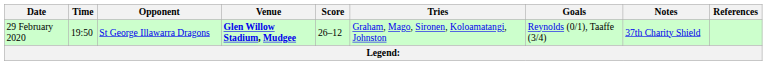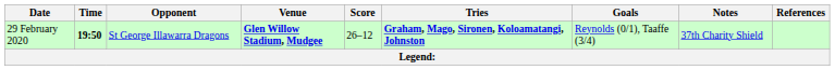 <table class="wikitable" width="100%">
 <tr>
 <th width="100">Date</th>
 <th>Time</th>
 <th>Opponent</th>
 <th width="150">Venue</th>
 <th width="50">Score</th>
 <th width="285">Tries</th>
 <th width="155">Goals</th>
 <th>Notes</th>
 <th>References</th>
 </tr>
 <tr bgcolor="#CCFFCC">
 <td>29 February 2020</td>
-<td>19:50</td>
+<td><strong>19:50</strong></td>
 <td> <a href='#'>St George Illawarra Dragons</a></td>
 <td><strong><a href='#'>Glen Willow Stadium</a>, <a href='#'>Mudgee</a></strong></td>
 <td>26–12</td>
-<td><a href='#'>Graham</a>, <a href='#'>Mago</a>, <a href='#'>Sironen</a>, <a href='#'>Koloamatangi</a>, <a href='#'>Johnston</a></td>
+<td><strong><a href='#'>Graham</a>, <a href='#'>Mago</a>, <a href='#'>Sironen</a>, <a href='#'>Koloamatangi</a>, <a href='#'>Johnston</a></strong></td>
 <td><a href='#'>Reynolds</a> (0/1), Taaffe (3/4)</td>
 <td><a href='#'>37th Charity Shield</a></td>
 <td></td>
 </tr>
 <tr>
 <th colspan="9"><strong>Legend</strong>:   </th>
 </tr>
 </table>
